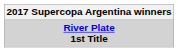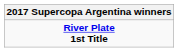 <table class="wikitable" style="text-align: center; margin: 0 auto;">
 <tr>
 <th>2017 Supercopa Argentina winners</th>
 </tr>
 <tr>
-<td style="background: lightgrey;"><strong><a href='#'>River Plate</a></strong><br><strong>1st Title</strong></td>
+<td><strong><a href='#'>River Plate</a></strong><br><strong>1st Title</strong></td>
 </tr>
 </table>
